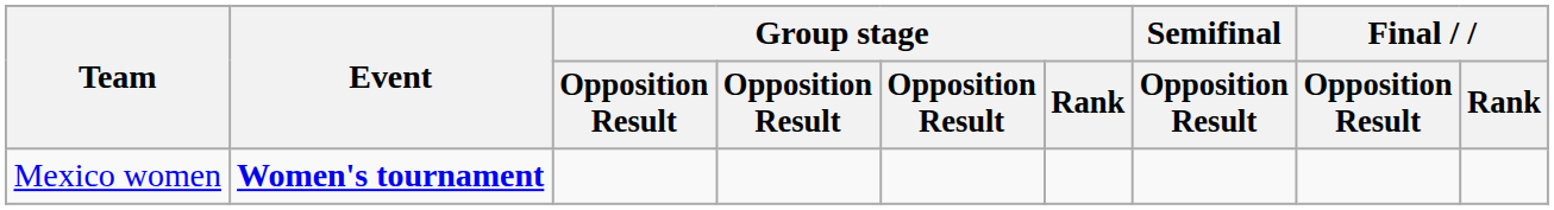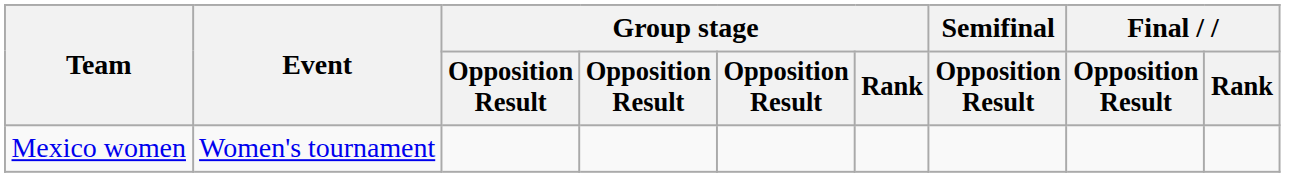 <table class=wikitable style=font-size:90%;text-align:center>
 <tr>
 <th rowspan=2>Team</th>
 <th rowspan=2>Event</th>
 <th colspan=4>Group stage</th>
 <th>Semifinal</th>
 <th colspan=2>Final /  / </th>
 </tr>
 <tr style=font-size:95%>
 <th>Opposition<br>Result</th>
 <th>Opposition<br>Result</th>
 <th>Opposition<br>Result</th>
 <th>Rank</th>
 <th>Opposition<br>Result</th>
 <th>Opposition<br>Result</th>
 <th>Rank</th>
 </tr>
 <tr>
 <td align=left><a href='#'>Mexico women</a></td>
-<td align=left><strong><a href='#'>Women's tournament</a></strong></td>
+<td align=left><a href='#'>Women's tournament</a></td>
 <td></td>
 <td></td>
 <td></td>
 <td></td>
 <td></td>
 <td></td>
 <td></td>
 </tr>
 </table>
